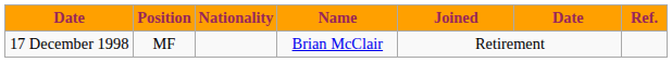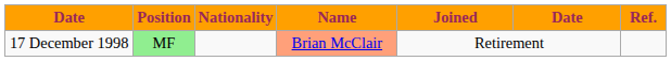 <table class="wikitable"  style="text-align:center; font-size:90%; ">
 <tr>
 <th style="background:#ffa000; color:#98285c; width:200px;">Date</th>
 <th style="background:#ffa000; color:#98285c; width:50px;">Position</th>
 <th style="background:#ffa000; color:#98285c; width:50px;">Nationality</th>
 <th style="background:#ffa000; color:#98285c; width:200px;">Name</th>
 <th style="background:#ffa000; color:#98285c; width:200px;">Joined</th>
 <th style="background:#ffa000; color:#98285c; width:200px;">Date</th>
 <th style="background:#ffa000; color:#98285c; width:50px;">Ref.</th>
 </tr>
 <tr>
 <td>17 December 1998</td>
-<td>MF</td>
+<td style="background: lightgreen;">MF</td>
 <td></td>
-<td><a href='#'>Brian McClair</a></td>
+<td style="background: lightsalmon;"><a href='#'>Brian McClair</a></td>
 <td colspan="2">Retirement</td>
 <td></td>
 </tr>
 </table>
